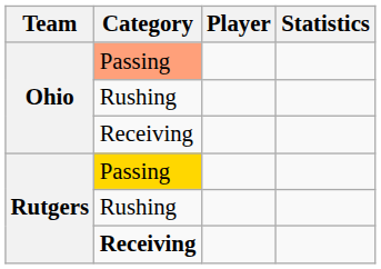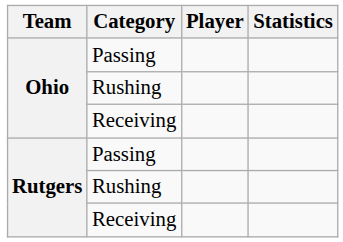 <table class="wikitable" style="float:right">
 <tr>
 <th>Team</th>
 <th>Category</th>
 <th>Player</th>
 <th>Statistics</th>
 </tr>
 <tr>
 <th rowspan=3>Ohio</th>
-<td style="background: lightsalmon;">Passing</td>
+<td>Passing</td>
 <td></td>
 <td></td>
 </tr>
 <tr>
 <td>Rushing</td>
 <td></td>
 <td></td>
 </tr>
 <tr>
 <td>Receiving</td>
 <td></td>
 <td></td>
 </tr>
 <tr>
 <th rowspan=3>Rutgers</th>
-<td style="background: gold;">Passing</td>
+<td>Passing</td>
 <td></td>
 <td></td>
 </tr>
 <tr>
 <td>Rushing</td>
 <td></td>
 <td></td>
 </tr>
 <tr>
-<td><strong>Receiving</strong></td>
+<td>Receiving</td>
 <td></td>
 <td></td>
 </tr>
 </table>
